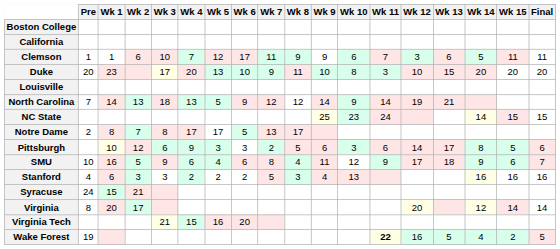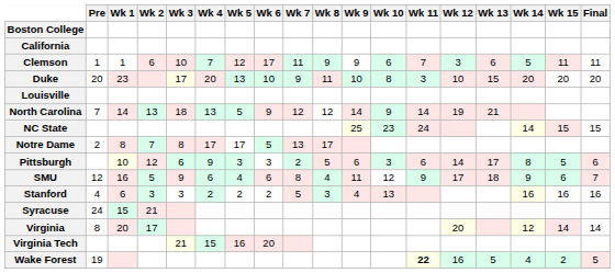 <table class="wikitable" style="white-space:nowrap;font-size:90%;">
 <tr>
 <th colspan=1 style="background:white; border-top-style:hidden; border-left-style:hidden;"> </th>
 <th>Pre <br></th>
 <th>Wk 1 <br></th>
 <th>Wk 2 <br></th>
 <th>Wk 3 <br></th>
 <th>Wk 4 <br></th>
 <th>Wk 5 <br></th>
 <th>Wk 6 <br></th>
 <th>Wk 7 <br></th>
 <th>Wk 8 <br></th>
 <th>Wk 9 <br></th>
 <th>Wk 10<br></th>
 <th>Wk 11<br></th>
 <th>Wk 12<br></th>
 <th>Wk 13<br></th>
 <th>Wk 14<br></th>
 <th>Wk 15<br></th>
 <th>Final <br></th>
 </tr>
 <tr style="text-align:center;">
 <th>Boston College</th>
 <td style="background:#FFF;"></td>
 <td style="background:#FFF;"></td>
 <td style="background:#FFF;"></td>
 <td style="background:#FFF;"></td>
 <td style="background:#FFF;"></td>
 <td style="background:#FFF;"></td>
 <td style="background:#FFF;"></td>
 <td style="background:#FFF;"></td>
 <td style="background:#FFF;"></td>
 <td style="background:#FFF;"></td>
 <td style="background:#FFF;"></td>
 <td style="background:#FFF;"></td>
 <td style="background:#FFF;"></td>
 <td style="background:#FFF;"></td>
 <td style="background:#FFF;"></td>
 <td style="background:#FFF;"></td>
 <td style="background:#FFF;"></td>
 </tr>
 <tr style="text-align:center;">
 <th>California</th>
 <td style="background:#FFF;"></td>
 <td style="background:#FFF;"></td>
 <td style="background:#FFF;"></td>
 <td style="background:#FFF;"></td>
 <td style="background:#FFF;"></td>
 <td style="background:#FFF;"></td>
 <td style="background:#FFF;"></td>
 <td style="background:#FFF;"></td>
 <td style="background:#FFF;"></td>
 <td style="background:#FFF;"></td>
 <td style="background:#FFF;"></td>
 <td style="background:#FFF;"></td>
 <td style="background:#FFF;"></td>
 <td style="background:#FFF;"></td>
 <td style="background:#FFF;"></td>
 <td style="background:#FFF;"></td>
 <td style="background:#FFF;"></td>
 </tr>
 <tr style="text-align:center;">
 <th>Clemson</th>
 <td style="background:#FFF;"> 1</td>
 <td style="background:#FFF;"> 1</td>
 <td style="background:#FFE6E6;"> 6</td>
 <td style="background:#FFE6E6;"> 10</td>
 <td style="background:#D8FFEB;"> 7</td>
 <td style="background:#FFE6E6;"> 12</td>
 <td style="background:#FFE6E6;"> 17</td>
 <td style="background:#D8FFEB;"> 11</td>
 <td style="background:#D8FFEB;"> 9</td>
 <td style="background:#FFF;"> 9</td>
 <td style="background:#D8FFEB;"> 6</td>
 <td style="background:#FFE6E6;"> 7</td>
 <td style="background:#D8FFEB;"> 3</td>
 <td style="background:#FFE6E6;"> 6</td>
 <td style="background:#D8FFEB;"> 5</td>
 <td style="background:#FFE6E6;"> 11</td>
 <td style="background:#FFF;"> 11</td>
 </tr>
 <tr style="text-align:center;">
 <th>Duke</th>
 <td style="background:#FFF;"> 20</td>
 <td style="background:#FFE6E6;"> 23</td>
 <td style="background:#FFE6E6;"></td>
 <td style="background:#FFFFE6;"> 17</td>
 <td style="background:#FFE6E6;"> 20</td>
 <td style="background:#D8FFEB;"> 13</td>
 <td style="background:#D8FFEB;"> 10</td>
 <td style="background:#D8FFEB;"> 9</td>
 <td style="background:#FFE6E6;"> 11</td>
 <td style="background:#D8FFEB;"> 10</td>
 <td style="background:#D8FFEB;"> 8</td>
 <td style="background:#D8FFEB;"> 3</td>
 <td style="background:#FFE6E6;"> 10</td>
 <td style="background:#FFE6E6;"> 15</td>
 <td style="background:#FFE6E6;"> 20</td>
 <td style="background:#FFF;"> 20</td>
 <td style="background:#FFF;"> 20</td>
 </tr>
 <tr style="text-align:center;">
 <th>Louisville</th>
 <td style="background:#FFF;"></td>
 <td style="background:#FFF;"></td>
 <td style="background:#FFF;"></td>
 <td style="background:#FFF;"></td>
 <td style="background:#FFF;"></td>
 <td style="background:#FFF;"></td>
 <td style="background:#FFF;"></td>
 <td style="background:#FFF;"></td>
 <td style="background:#FFF;"></td>
 <td style="background:#FFF;"></td>
 <td style="background:#FFF;"></td>
 <td style="background:#FFF;"></td>
 <td style="background:#FFF;"></td>
 <td style="background:#FFF;"></td>
 <td style="background:#FFF;"></td>
 <td style="background:#FFF;"></td>
 <td style="background:#FFF;"></td>
 </tr>
 <tr style="text-align:center;">
 <th>North Carolina</th>
 <td style="background:#FFF;"> 7</td>
 <td style="background:#FFE6E6;"> 14</td>
 <td style="background:#D8FFEB;"> 13</td>
 <td style="background:#FFE6E6;"> 18</td>
 <td style="background:#D8FFEB;"> 13</td>
 <td style="background:#D8FFEB;"> 5</td>
 <td style="background:#FFE6E6;"> 9</td>
 <td style="background:#FFE6E6;"> 12</td>
 <td style="background:#FFF;"> 12</td>
 <td style="background:#FFE6E6;"> 14</td>
 <td style="background:#D8FFEB;"> 9</td>
 <td style="background:#FFE6E6;"> 14</td>
 <td style="background:#FFE6E6;"> 19</td>
 <td style="background:#FFE6E6;"> 21</td>
 <td style="background:#FFE6E6;"></td>
 <td style="background:#FFF;"></td>
 <td style="background:#FFF;"></td>
 </tr>
 <tr style="text-align:center;">
 <th>NC State</th>
 <td style="background:#FFF;"></td>
 <td style="background:#FFF;"></td>
 <td style="background:#FFF;"></td>
 <td style="background:#FFF;"></td>
 <td style="background:#FFF;"></td>
 <td style="background:#FFF;"></td>
 <td style="background:#FFF;"></td>
 <td style="background:#FFF;"></td>
 <td style="background:#FFF;"></td>
 <td style="background:#FFFFE6;"> 25</td>
 <td style="background:#D8FFEB;"> 23</td>
 <td style="background:#FFE6E6;"> 24</td>
 <td style="background:#FFE6E6;"></td>
 <td style="background:#FFF;"></td>
 <td style="background:#FFFFE6;"> 14</td>
 <td style="background:#FFE6E6;"> 15</td>
 <td style="background:#FFF;"> 15</td>
 </tr>
 <tr style="text-align:center;">
 <th>Notre Dame</th>
 <td style="background:#FFF;"> 2</td>
 <td style="background:#FFE6E6;"> 8</td>
 <td style="background:#D8FFEB;"> 7</td>
 <td style="background:#FFE6E6;"> 8</td>
 <td style="background:#FFE6E6;"> 17</td>
 <td style="background:#FFF;"> 17</td>
 <td style="background:#D8FFEB;"> 5</td>
 <td style="background:#FFE6E6;"> 13</td>
 <td style="background:#FFE6E6;"> 17</td>
 <td style="background:#FFE6E6;"></td>
 <td style="background:#FFF;"></td>
 <td style="background:#FFF;"></td>
 <td style="background:#FFF;"></td>
 <td style="background:#FFF;"></td>
 <td style="background:#FFF;"></td>
 <td style="background:#FFF;"></td>
 <td style="background:#FFF;"></td>
 </tr>
 <tr style="text-align:center;">
 <th>Pittsburgh</th>
 <td style="background:#FFF;"></td>
 <td style="background:#FFFFE6;"> 10</td>
 <td style="background:#FFE6E6;"> 12</td>
 <td style="background:#D8FFEB;"> 6</td>
 <td style="background:#D8FFEB;"> 9</td>
 <td style="background:#D8FFEB;"> 3</td>
 <td style="background:#FFF;"> 3</td>
 <td style="background:#D8FFEB;"> 2</td>
 <td style="background:#FFE6E6;"> 5</td>
 <td style="background:#FFE6E6;"> 6</td>
 <td style="background:#D8FFEB;"> 3</td>
 <td style="background:#FFE6E6;"> 6</td>
 <td style="background:#FFE6E6;"> 14</td>
 <td style="background:#FFE6E6;"> 17</td>
 <td style="background:#D8FFEB;"> 8</td>
 <td style="background:#D8FFEB;"> 5</td>
 <td style="background:#FFE6E6;"> 6</td>
 </tr>
 <tr style="text-align:center;">
 <th>SMU</th>
-<td style="background:#FFF;"> 10</td>
+<td style="background:#FFF;"> 12</td>
 <td style="background:#FFE6E6;"> 16</td>
 <td style="background:#D8FFEB;"> 5</td>
 <td style="background:#FFE6E6;"> 9</td>
 <td style="background:#D8FFEB;"> 6</td>
 <td style="background:#D8FFEB;"> 4</td>
 <td style="background:#FFE6E6;"> 6</td>
 <td style="background:#FFE6E6;"> 8</td>
 <td style="background:#D8FFEB;"> 4</td>
 <td style="background:#FFE6E6;"> 11</td>
 <td style="background:#FFF;"> 12</td>
 <td style="background:#D8FFEB;"> 9</td>
 <td style="background:#FFE6E6;"> 17</td>
 <td style="background:#FFE6E6;"> 18</td>
 <td style="background:#D8FFEB;"> 9</td>
 <td style="background:#D8FFEB;"> 6</td>
 <td style="background:#FFE6E6;"> 7</td>
 </tr>
 <tr style="text-align:center;">
 <th>Stanford</th>
 <td style="background:#FFF;"> 4</td>
 <td style="background:#FFE6E6;"> 6</td>
 <td style="background:#D8FFEB;"> 3</td>
 <td style="background:#FFF;"> 3</td>
 <td style="background:#D8FFEB;"> 2</td>
 <td style="background:#FFF;"> 2</td>
 <td style="background:#FFF;"> 2</td>
 <td style="background:#FFE6E6;"> 5</td>
 <td style="background:#D8FFEB;"> 3</td>
 <td style="background:#FFE6E6;"> 4</td>
 <td style="background:#FFE6E6;"> 13</td>
 <td style="background:#FFE6E6;"></td>
 <td style="background:#FFF;"></td>
 <td style="background:#FFF;"></td>
 <td style="background:#FFFFE6;"> 16</td>
 <td style="background:#FFF;"> 16</td>
 <td style="background:#FFF;"> 16</td>
 </tr>
 <tr style="text-align:center;">
 <th>Syracuse</th>
 <td style="background:#FFF;"> 24</td>
 <td style="background:#D8FFEB;"> 15</td>
 <td style="background:#FFE6E6;"> 21</td>
 <td style="background:#FFE6E6;"></td>
 <td style="background:#FFF;"></td>
 <td style="background:#FFF;"></td>
 <td style="background:#FFF;"></td>
 <td style="background:#FFF;"></td>
 <td style="background:#FFF;"></td>
 <td style="background:#FFF;"></td>
 <td style="background:#FFF;"></td>
 <td style="background:#FFF;"></td>
 <td style="background:#FFF;"></td>
 <td style="background:#FFF;"></td>
 <td style="background:#FFF;"></td>
 <td style="background:#FFF;"></td>
 <td style="background:#FFF;"></td>
 </tr>
 <tr style="text-align:center;">
 <th>Virginia</th>
 <td style="background:#FFF;"> 8</td>
 <td style="background:#FFE6E6;"> 20</td>
 <td style="background:#D8FFEB;"> 17</td>
 <td style="background:#FFE6E6;"></td>
 <td style="background:#FFF;"></td>
 <td style="background:#FFF;"></td>
 <td style="background:#FFF;"></td>
 <td style="background:#FFF;"></td>
 <td style="background:#FFF;"></td>
 <td style="background:#FFF;"></td>
 <td style="background:#FFF;"></td>
 <td style="background:#FFF;"></td>
 <td style="background:#FFFFE6;"> 20</td>
 <td style="background:#FFE6E6;"></td>
 <td style="background:#FFFFE6;"> 12</td>
 <td style="background:#FFE6E6;"> 14</td>
 <td style="background:#FFF;"> 14</td>
 </tr>
 <tr style="text-align:center;">
 <th>Virginia Tech</th>
 <td style="background:#FFF;"></td>
 <td style="background:#FFF;"></td>
 <td style="background:#FFF;"></td>
 <td style="background:#FFFFE6;"> 21</td>
 <td style="background:#D8FFEB;"> 15</td>
 <td style="background:#FFE6E6;"> 16</td>
 <td style="background:#FFE6E6;"> 20</td>
 <td style="background:#FFE6E6;"></td>
 <td style="background:#FFF;"></td>
 <td style="background:#FFF;"></td>
 <td style="background:#FFF;"></td>
 <td style="background:#FFF;"></td>
 <td style="background:#FFF;"></td>
 <td style="background:#FFF;"></td>
 <td style="background:#FFF;"></td>
 <td style="background:#FFF;"></td>
 <td style="background:#FFF;"></td>
 </tr>
 <tr style="text-align:center;">
 <th>Wake Forest</th>
 <td style="background:#FFF;"> 19</td>
 <td style="background:#FFE6E6;"></td>
 <td style="background:#FFF;"></td>
 <td style="background:#FFF;"></td>
 <td style="background:#FFF;"></td>
 <td style="background:#FFF;"></td>
 <td style="background:#FFF;"></td>
 <td style="background:#FFF;"></td>
 <td style="background:#FFF;"></td>
 <td style="background:#FFF;"></td>
 <td style="background:#FFF;"></td>
 <td style="background:#FFFFE6;"><strong> 22</strong></td>
 <td style="background:#D8FFEB;"> 16</td>
 <td style="background:#D8FFEB;"> 5</td>
 <td style="background:#D8FFEB;"> 4</td>
 <td style="background:#D8FFEB;"> 2</td>
 <td style="background:#FFE6E6;"> 5</td>
 </tr>
 </table>
